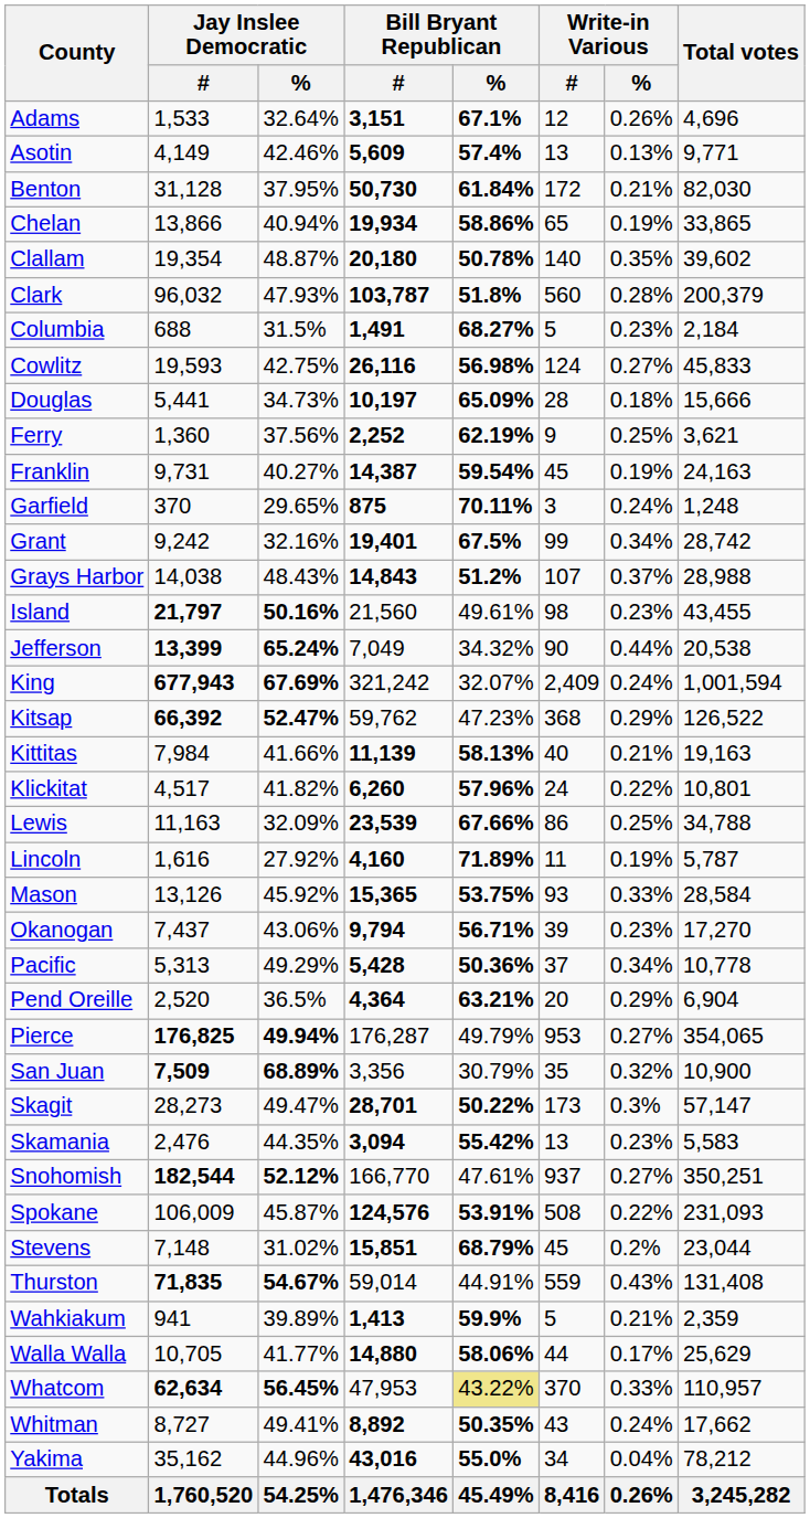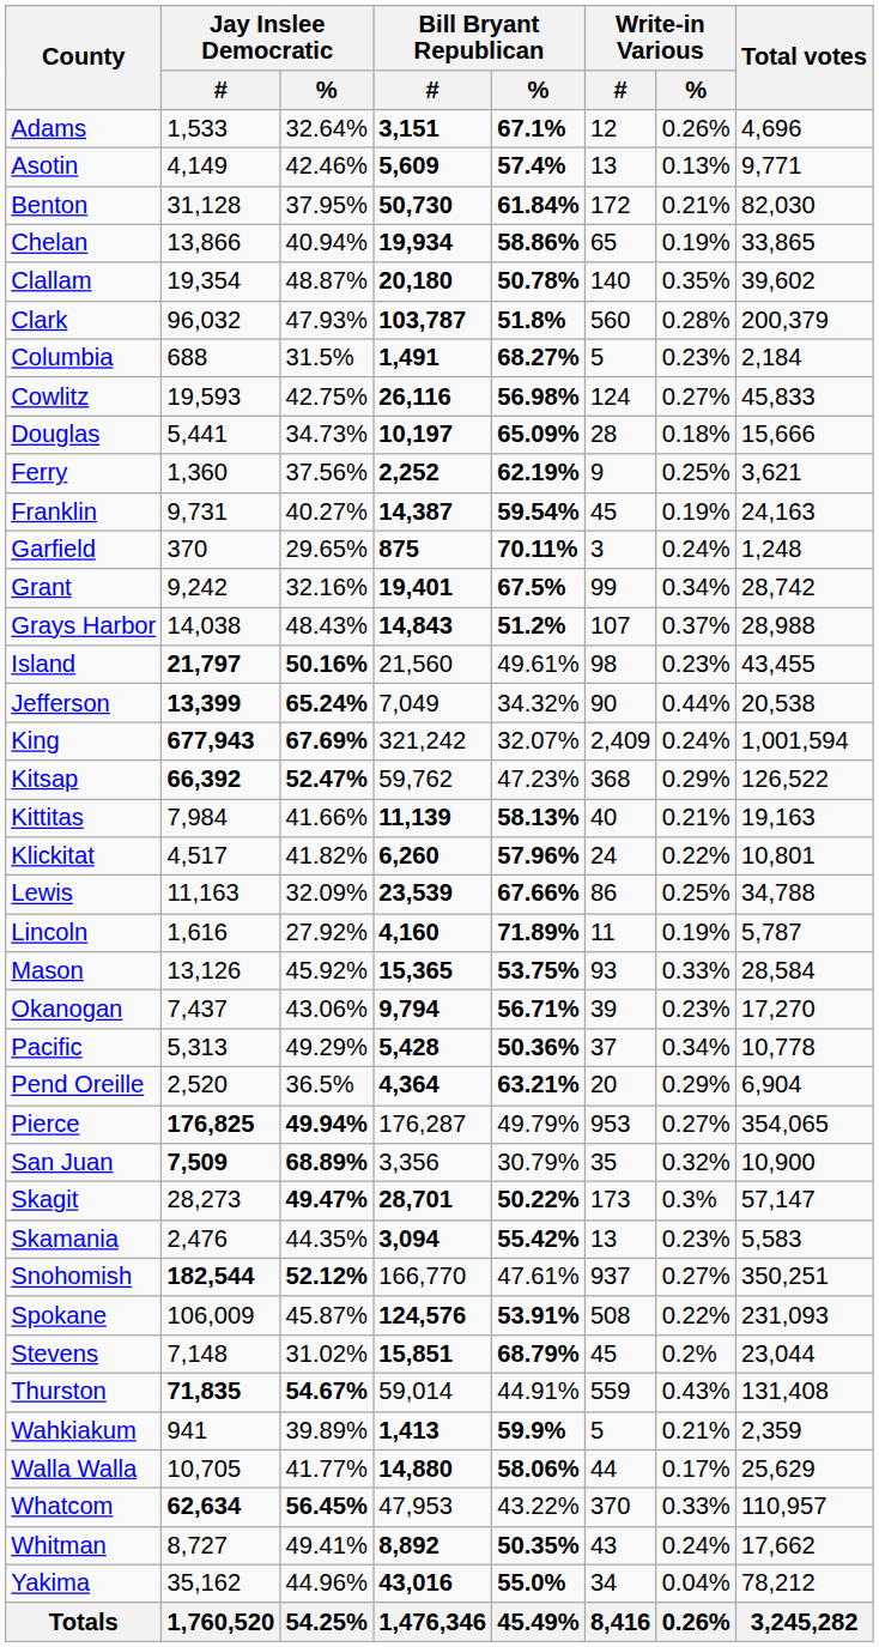 <table class="wikitable sortable">
 <tr>
 <th rowspan="2" scope="col">County</th>
 <th colspan="2" scope="col">Jay Inslee<br>Democratic</th>
 <th colspan="2" scope="col">Bill Bryant<br>Republican</th>
 <th colspan="2" scope="col">Write-in<br>Various</th>
 <th rowspan="2" scope="col">Total votes</th>
 </tr>
 <tr>
 <th>#</th>
 <th>%</th>
 <th>#</th>
 <th>%</th>
 <th>#</th>
 <th>%</th>
 </tr>
 <tr>
 <td><a href='#'>Adams</a></td>
 <td>1,533</td>
 <td>32.64%</td>
 <td><strong>3,151</strong></td>
 <td><strong>67.1%</strong></td>
 <td>12</td>
 <td>0.26%</td>
 <td>4,696</td>
 </tr>
 <tr>
 <td><a href='#'>Asotin</a></td>
 <td>4,149</td>
 <td>42.46%</td>
 <td><strong>5,609</strong></td>
 <td><strong>57.4%</strong></td>
 <td>13</td>
 <td>0.13%</td>
 <td>9,771</td>
 </tr>
 <tr>
 <td><a href='#'>Benton</a></td>
 <td>31,128</td>
 <td>37.95%</td>
 <td><strong>50,730</strong></td>
 <td><strong>61.84%</strong></td>
 <td>172</td>
 <td>0.21%</td>
 <td>82,030</td>
 </tr>
 <tr>
 <td><a href='#'>Chelan</a></td>
 <td>13,866</td>
 <td>40.94%</td>
 <td><strong>19,934</strong></td>
 <td><strong>58.86%</strong></td>
 <td>65</td>
 <td>0.19%</td>
 <td>33,865</td>
 </tr>
 <tr>
 <td><a href='#'>Clallam</a></td>
 <td>19,354</td>
 <td>48.87%</td>
 <td><strong>20,180</strong></td>
 <td><strong>50.78%</strong></td>
 <td>140</td>
 <td>0.35%</td>
 <td>39,602</td>
 </tr>
 <tr>
 <td><a href='#'>Clark</a></td>
 <td>96,032</td>
 <td>47.93%</td>
 <td><strong>103,787</strong></td>
 <td><strong>51.8%</strong></td>
 <td>560</td>
 <td>0.28%</td>
 <td>200,379</td>
 </tr>
 <tr>
 <td><a href='#'>Columbia</a></td>
 <td>688</td>
 <td>31.5%</td>
 <td><strong>1,491</strong></td>
 <td><strong>68.27%</strong></td>
 <td>5</td>
 <td>0.23%</td>
 <td>2,184</td>
 </tr>
 <tr>
 <td><a href='#'>Cowlitz</a></td>
 <td>19,593</td>
 <td>42.75%</td>
 <td><strong>26,116</strong></td>
 <td><strong>56.98%</strong></td>
 <td>124</td>
 <td>0.27%</td>
 <td>45,833</td>
 </tr>
 <tr>
 <td><a href='#'>Douglas</a></td>
 <td>5,441</td>
 <td>34.73%</td>
 <td><strong>10,197</strong></td>
 <td><strong>65.09%</strong></td>
 <td>28</td>
 <td>0.18%</td>
 <td>15,666</td>
 </tr>
 <tr>
 <td><a href='#'>Ferry</a></td>
 <td>1,360</td>
 <td>37.56%</td>
 <td><strong>2,252</strong></td>
 <td><strong>62.19%</strong></td>
 <td>9</td>
 <td>0.25%</td>
 <td>3,621</td>
 </tr>
 <tr>
 <td><a href='#'>Franklin</a></td>
 <td>9,731</td>
 <td>40.27%</td>
 <td><strong>14,387</strong></td>
 <td><strong>59.54%</strong></td>
 <td>45</td>
 <td>0.19%</td>
 <td>24,163</td>
 </tr>
 <tr>
 <td><a href='#'>Garfield</a></td>
 <td>370</td>
 <td>29.65%</td>
 <td><strong>875</strong></td>
 <td><strong>70.11%</strong></td>
 <td>3</td>
 <td>0.24%</td>
 <td>1,248</td>
 </tr>
 <tr>
 <td><a href='#'>Grant</a></td>
 <td>9,242</td>
 <td>32.16%</td>
 <td><strong>19,401</strong></td>
 <td><strong>67.5%</strong></td>
 <td>99</td>
 <td>0.34%</td>
 <td>28,742</td>
 </tr>
 <tr>
 <td><a href='#'>Grays Harbor</a></td>
 <td>14,038</td>
 <td>48.43%</td>
 <td><strong>14,843</strong></td>
 <td><strong>51.2%</strong></td>
 <td>107</td>
 <td>0.37%</td>
 <td>28,988</td>
 </tr>
 <tr>
 <td><a href='#'>Island</a></td>
 <td><strong>21,797</strong></td>
 <td><strong>50.16%</strong></td>
 <td>21,560</td>
 <td>49.61%</td>
 <td>98</td>
 <td>0.23%</td>
 <td>43,455</td>
 </tr>
 <tr>
 <td><a href='#'>Jefferson</a></td>
 <td><strong>13,399</strong></td>
 <td><strong>65.24%</strong></td>
 <td>7,049</td>
 <td>34.32%</td>
 <td>90</td>
 <td>0.44%</td>
 <td>20,538</td>
 </tr>
 <tr>
 <td><a href='#'>King</a></td>
 <td><strong>677,943</strong></td>
 <td><strong>67.69%</strong></td>
 <td>321,242</td>
 <td>32.07%</td>
 <td>2,409</td>
 <td>0.24%</td>
 <td>1,001,594</td>
 </tr>
 <tr>
 <td><a href='#'>Kitsap</a></td>
 <td><strong>66,392</strong></td>
 <td><strong>52.47%</strong></td>
 <td>59,762</td>
 <td>47.23%</td>
 <td>368</td>
 <td>0.29%</td>
 <td>126,522</td>
 </tr>
 <tr>
 <td><a href='#'>Kittitas</a></td>
 <td>7,984</td>
 <td>41.66%</td>
 <td><strong>11,139</strong></td>
 <td><strong>58.13%</strong></td>
 <td>40</td>
 <td>0.21%</td>
 <td>19,163</td>
 </tr>
 <tr>
 <td><a href='#'>Klickitat</a></td>
 <td>4,517</td>
 <td>41.82%</td>
 <td><strong>6,260</strong></td>
 <td><strong>57.96%</strong></td>
 <td>24</td>
 <td>0.22%</td>
 <td>10,801</td>
 </tr>
 <tr>
 <td><a href='#'>Lewis</a></td>
 <td>11,163</td>
 <td>32.09%</td>
 <td><strong>23,539</strong></td>
 <td><strong>67.66%</strong></td>
 <td>86</td>
 <td>0.25%</td>
 <td>34,788</td>
 </tr>
 <tr>
 <td><a href='#'>Lincoln</a></td>
 <td>1,616</td>
 <td>27.92%</td>
 <td><strong>4,160</strong></td>
 <td><strong>71.89%</strong></td>
 <td>11</td>
 <td>0.19%</td>
 <td>5,787</td>
 </tr>
 <tr>
 <td><a href='#'>Mason</a></td>
 <td>13,126</td>
 <td>45.92%</td>
 <td><strong>15,365</strong></td>
 <td><strong>53.75%</strong></td>
 <td>93</td>
 <td>0.33%</td>
 <td>28,584</td>
 </tr>
 <tr>
 <td><a href='#'>Okanogan</a></td>
 <td>7,437</td>
 <td>43.06%</td>
 <td><strong>9,794</strong></td>
 <td><strong>56.71%</strong></td>
 <td>39</td>
 <td>0.23%</td>
 <td>17,270</td>
 </tr>
 <tr>
 <td><a href='#'>Pacific</a></td>
 <td>5,313</td>
 <td>49.29%</td>
 <td><strong>5,428</strong></td>
 <td><strong>50.36%</strong></td>
 <td>37</td>
 <td>0.34%</td>
 <td>10,778</td>
 </tr>
 <tr>
 <td><a href='#'>Pend Oreille</a></td>
 <td>2,520</td>
 <td>36.5%</td>
 <td><strong>4,364</strong></td>
 <td><strong>63.21%</strong></td>
 <td>20</td>
 <td>0.29%</td>
 <td>6,904</td>
 </tr>
 <tr>
 <td><a href='#'>Pierce</a></td>
 <td><strong>176,825</strong></td>
 <td><strong>49.94%</strong></td>
 <td>176,287</td>
 <td>49.79%</td>
 <td>953</td>
 <td>0.27%</td>
 <td>354,065</td>
 </tr>
 <tr>
 <td><a href='#'>San Juan</a></td>
 <td><strong>7,509</strong></td>
 <td><strong>68.89%</strong></td>
 <td>3,356</td>
 <td>30.79%</td>
 <td>35</td>
 <td>0.32%</td>
 <td>10,900</td>
 </tr>
 <tr>
 <td><a href='#'>Skagit</a></td>
 <td>28,273</td>
-<td>49.47%</td>
+<td><strong>49.47%</strong></td>
 <td><strong>28,701</strong></td>
 <td><strong>50.22%</strong></td>
 <td>173</td>
 <td>0.3%</td>
 <td>57,147</td>
 </tr>
 <tr>
 <td><a href='#'>Skamania</a></td>
 <td>2,476</td>
 <td>44.35%</td>
 <td><strong>3,094</strong></td>
 <td><strong>55.42%</strong></td>
 <td>13</td>
 <td>0.23%</td>
 <td>5,583</td>
 </tr>
 <tr>
 <td><a href='#'>Snohomish</a></td>
 <td><strong>182,544</strong></td>
 <td><strong>52.12%</strong></td>
 <td>166,770</td>
 <td>47.61%</td>
 <td>937</td>
 <td>0.27%</td>
 <td>350,251</td>
 </tr>
 <tr>
 <td><a href='#'>Spokane</a></td>
 <td>106,009</td>
 <td>45.87%</td>
 <td><strong>124,576</strong></td>
 <td><strong>53.91%</strong></td>
 <td>508</td>
 <td>0.22%</td>
 <td>231,093</td>
 </tr>
 <tr>
 <td><a href='#'>Stevens</a></td>
 <td>7,148</td>
 <td>31.02%</td>
 <td><strong>15,851</strong></td>
 <td><strong>68.79%</strong></td>
 <td>45</td>
 <td>0.2%</td>
 <td>23,044</td>
 </tr>
 <tr>
 <td><a href='#'>Thurston</a></td>
 <td><strong>71,835</strong></td>
 <td><strong>54.67%</strong></td>
 <td>59,014</td>
 <td>44.91%</td>
 <td>559</td>
 <td>0.43%</td>
 <td>131,408</td>
 </tr>
 <tr>
 <td><a href='#'>Wahkiakum</a></td>
 <td>941</td>
 <td>39.89%</td>
 <td><strong>1,413</strong></td>
 <td><strong>59.9%</strong></td>
 <td>5</td>
 <td>0.21%</td>
 <td>2,359</td>
 </tr>
 <tr>
 <td><a href='#'>Walla Walla</a></td>
 <td>10,705</td>
 <td>41.77%</td>
 <td><strong>14,880</strong></td>
 <td><strong>58.06%</strong></td>
 <td>44</td>
 <td>0.17%</td>
 <td>25,629</td>
 </tr>
 <tr>
 <td><a href='#'>Whatcom</a></td>
 <td><strong>62,634</strong></td>
 <td><strong>56.45%</strong></td>
 <td>47,953</td>
-<td style="background: khaki;">43.22%</td>
+<td>43.22%</td>
 <td>370</td>
 <td>0.33%</td>
 <td>110,957</td>
 </tr>
 <tr>
 <td><a href='#'>Whitman</a></td>
 <td>8,727</td>
 <td>49.41%</td>
 <td><strong>8,892</strong></td>
 <td><strong>50.35%</strong></td>
 <td>43</td>
 <td>0.24%</td>
 <td>17,662</td>
 </tr>
 <tr>
 <td><a href='#'>Yakima</a></td>
 <td>35,162</td>
 <td>44.96%</td>
 <td><strong>43,016</strong></td>
 <td><strong>55.0%</strong></td>
 <td>34</td>
 <td>0.04%</td>
 <td>78,212</td>
 </tr>
 <tr>
 <th>Totals</th>
 <th>1,760,520</th>
 <th>54.25%</th>
 <th>1,476,346</th>
 <th>45.49%</th>
 <th>8,416</th>
 <th>0.26%</th>
 <th>3,245,282</th>
 </tr>
 </table>
